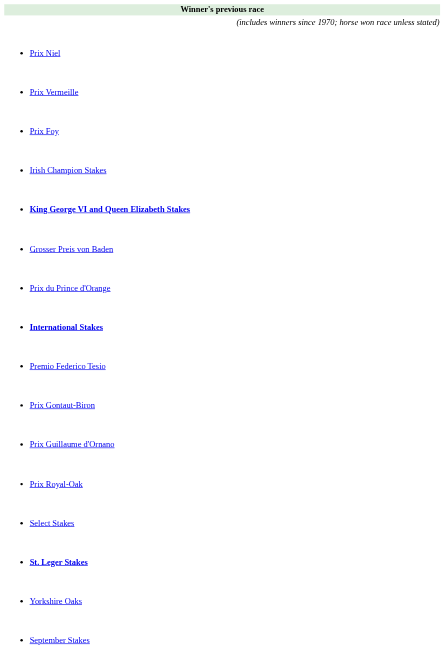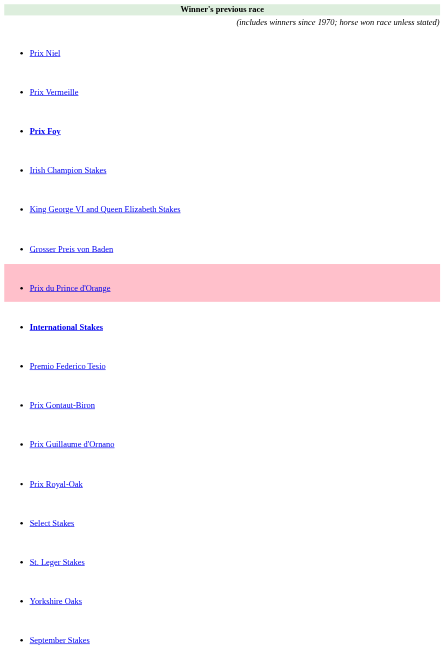 <table class="collapsible collapsed" width="80%" style="font-size:85%">
 <tr bgcolor=#ddeedd>
 <th>Winner's previous race</th>
 </tr>
 <tr>
 <td align=right><em>(includes winners since 1970; horse won race unless stated)</em></td>
 </tr>
 <tr>
 <td><br><ul><li><a href='#'>Prix Niel</a></li></ul></td>
 </tr>
 <tr>
 <td><br><ul><li><a href='#'>Prix Vermeille</a></li></ul></td>
 </tr>
 <tr>
-<td><br><ul><li><a href='#'>Prix Foy</a></li></ul></td>
+<td><strong><br><ul><li><a href='#'>Prix Foy</a></li></ul></strong></td>
 </tr>
 <tr>
 <td><br><ul><li><a href='#'>Irish Champion Stakes</a></li></ul></td>
 </tr>
 <tr>
-<td><strong><br><ul><li><a href='#'>King George VI and Queen Elizabeth Stakes</a></li></ul></strong></td>
+<td><br><ul><li><a href='#'>King George VI and Queen Elizabeth Stakes</a></li></ul></td>
 </tr>
 <tr>
 <td><br><ul><li><a href='#'>Grosser Preis von Baden</a></li></ul></td>
 </tr>
 <tr>
-<td><br><ul><li><a href='#'>Prix du Prince d'Orange</a></li></ul></td>
+<td style="background: pink;"><br><ul><li><a href='#'>Prix du Prince d'Orange</a></li></ul></td>
 </tr>
 <tr>
 <td><strong><br><ul><li><a href='#'>International Stakes</a></li></ul></strong></td>
 </tr>
 <tr>
 <td><br><ul><li><a href='#'>Premio Federico Tesio</a></li></ul></td>
 </tr>
 <tr>
 <td><br><ul><li><a href='#'>Prix Gontaut-Biron</a></li></ul></td>
 </tr>
 <tr>
 <td><br><ul><li><a href='#'>Prix Guillaume d'Ornano</a></li></ul></td>
 </tr>
 <tr>
 <td><br><ul><li><a href='#'>Prix Royal-Oak</a></li></ul></td>
 </tr>
 <tr>
 <td><br><ul><li><a href='#'>Select Stakes</a></li></ul></td>
 </tr>
 <tr>
-<td><strong><br><ul><li><a href='#'>St. Leger Stakes</a></li></ul></strong></td>
+<td><br><ul><li><a href='#'>St. Leger Stakes</a></li></ul></td>
 </tr>
 <tr>
 <td><br><ul><li><a href='#'>Yorkshire Oaks</a></li></ul></td>
 </tr>
 <tr>
 <td><br><ul><li><a href='#'>September Stakes</a></li></ul></td>
 </tr>
 </table>
